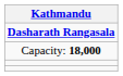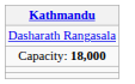 <table class="wikitable" style="text-align:center">
 <tr>
 <th colspan=2><a href='#'>Kathmandu</a></th>
 </tr>
 <tr>
-<td><strong><a href='#'>Dasharath Rangasala</a></strong></td>
+<td><a href='#'>Dasharath Rangasala</a></td>
 </tr>
 <tr>
 <td>Capacity: <strong>18,000</strong></td>
 </tr>
 <tr>
 <td></td>
 </tr>
 <tr>
 <td></td>
 </tr>
 </table>
